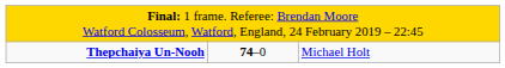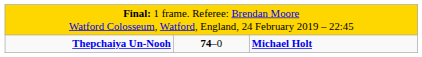 <table class="wikitable" style="font-size: 95%; margin: 1em auto 1em auto;">
 <tr>
 <td colspan="3" align="center" bgcolor="#ffd700"><strong>Final:</strong> 1 frame. Referee: <a href='#'>Brendan Moore</a><br> <a href='#'>Watford Colosseum</a>, <a href='#'>Watford</a>, England, 24 February 2019 – 22:45</td>
 </tr>
 <tr>
 <td width="230" align="right"><strong><a href='#'>Thepchaiya Un-Nooh</a></strong><br></td>
 <td width="100" align="center"><strong>74</strong>–0</td>
-<td width="230"><a href='#'>Michael Holt</a><br></td>
+<td width="230"><strong><a href='#'>Michael Holt</a><br></strong></td>
 </tr>
 </table>
